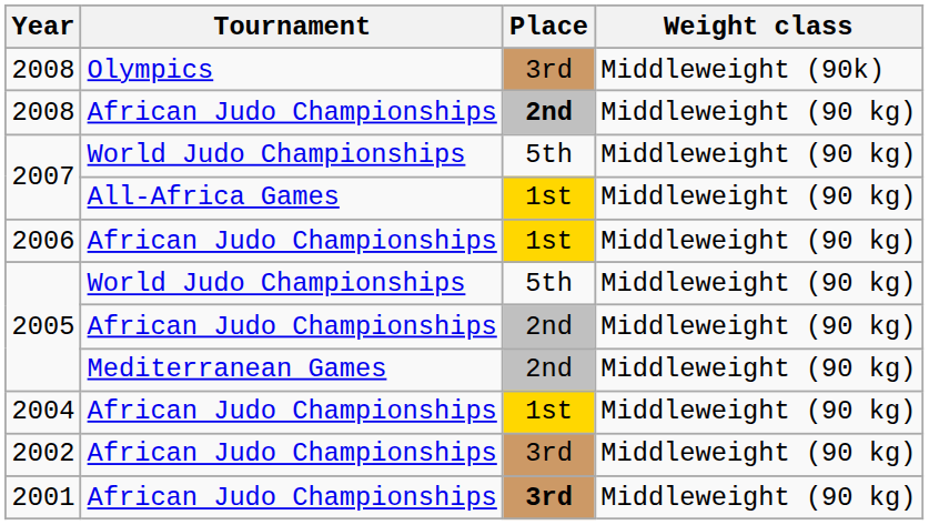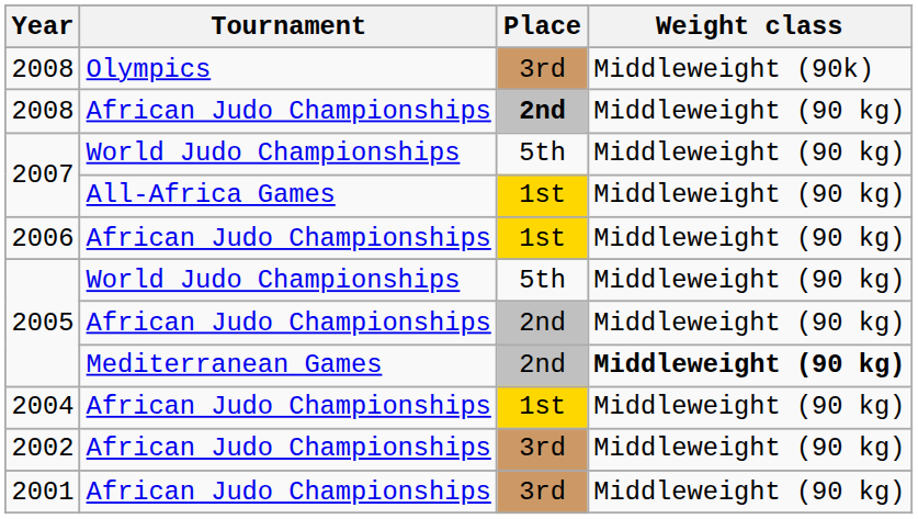 <table class=wikitable>
 <tr>
 <th>Year</th>
 <th>Tournament</th>
 <th>Place</th>
 <th>Weight class</th>
 </tr>
 <tr>
 <td>2008</td>
 <td><a href='#'>Olympics</a></td>
 <td bgcolor="cc9966" align="center">3rd</td>
 <td>Middleweight (90k)</td>
 </tr>
 <tr>
 <td>2008</td>
 <td><a href='#'>African Judo Championships</a></td>
 <td bgcolor="silver" align="center"><strong>2nd</strong></td>
 <td>Middleweight (90 kg)</td>
 </tr>
 <tr>
 <td rowspan=2>2007</td>
 <td><a href='#'>World Judo Championships</a></td>
 <td align="center">5th</td>
 <td>Middleweight (90 kg)</td>
 </tr>
 <tr>
 <td><a href='#'>All-Africa Games</a></td>
 <td bgcolor="gold" align="center">1st</td>
 <td>Middleweight (90 kg)</td>
 </tr>
 <tr>
 <td>2006</td>
 <td><a href='#'>African Judo Championships</a></td>
 <td bgcolor="gold" align="center">1st</td>
 <td>Middleweight (90 kg)</td>
 </tr>
 <tr>
 <td rowspan=3>2005</td>
 <td><a href='#'>World Judo Championships</a></td>
 <td align="center">5th</td>
 <td>Middleweight (90 kg)</td>
 </tr>
 <tr>
 <td><a href='#'>African Judo Championships</a></td>
 <td bgcolor="silver" align="center">2nd</td>
 <td>Middleweight (90 kg)</td>
 </tr>
 <tr>
 <td><a href='#'>Mediterranean Games</a></td>
 <td bgcolor="silver" align="center">2nd</td>
-<td>Middleweight (90 kg)</td>
+<td><strong>Middleweight (90 kg)</strong></td>
 </tr>
 <tr>
 <td>2004</td>
 <td><a href='#'>African Judo Championships</a></td>
 <td bgcolor="gold" align="center">1st</td>
 <td>Middleweight (90 kg)</td>
 </tr>
 <tr>
 <td>2002</td>
 <td><a href='#'>African Judo Championships</a></td>
 <td bgcolor="cc9966" align="center">3rd</td>
 <td>Middleweight (90 kg)</td>
 </tr>
 <tr>
 <td>2001</td>
 <td><a href='#'>African Judo Championships</a></td>
-<td bgcolor="cc9966" align="center"><strong>3rd</strong></td>
+<td bgcolor="cc9966" align="center">3rd</td>
 <td>Middleweight (90 kg)</td>
 </tr>
 </table>
